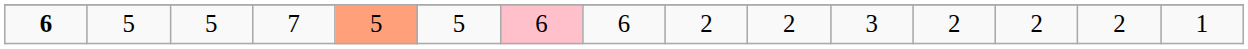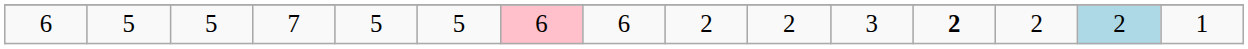 <table class="wikitable" style="text-align:center; width:50em;">
 <tr>
 </tr>
 <tr>
-<td><strong>6</strong></td>
+<td>6</td>
 <td>5</td>
 <td>5</td>
 <td>7</td>
-<td style="background: lightsalmon;">5</td>
+<td>5</td>
 <td>5</td>
 <td style="background: pink;">6</td>
 <td>6</td>
 <td>2</td>
 <td>2</td>
 <td>3</td>
+<td><strong>2</strong></td>
 <td>2</td>
-<td>2</td>
-<td>2</td>
+<td style="background: lightblue;">2</td>
 <td>1</td>
 </tr>
 </table>
